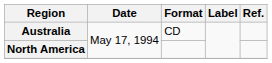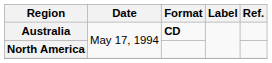 <table class="wikitable plainrowheaders">
 <tr>
 <th scope="col">Region</th>
 <th scope="col">Date</th>
 <th scope="col">Format</th>
 <th scope="col">Label</th>
 <th scope="col">Ref.</th>
 </tr>
 <tr>
 <th scope="row">Australia</th>
 <td rowspan="2">May 17, 1994</td>
-<td>CD</td>
+<td><strong>CD</strong></td>
 <td rowspan="2"></td>
 <td></td>
 </tr>
 <tr>
 <th scope="row">North America</th>
 <td></td>
 <td></td>
 </tr>
 <tr>
 </tr>
 </table>
